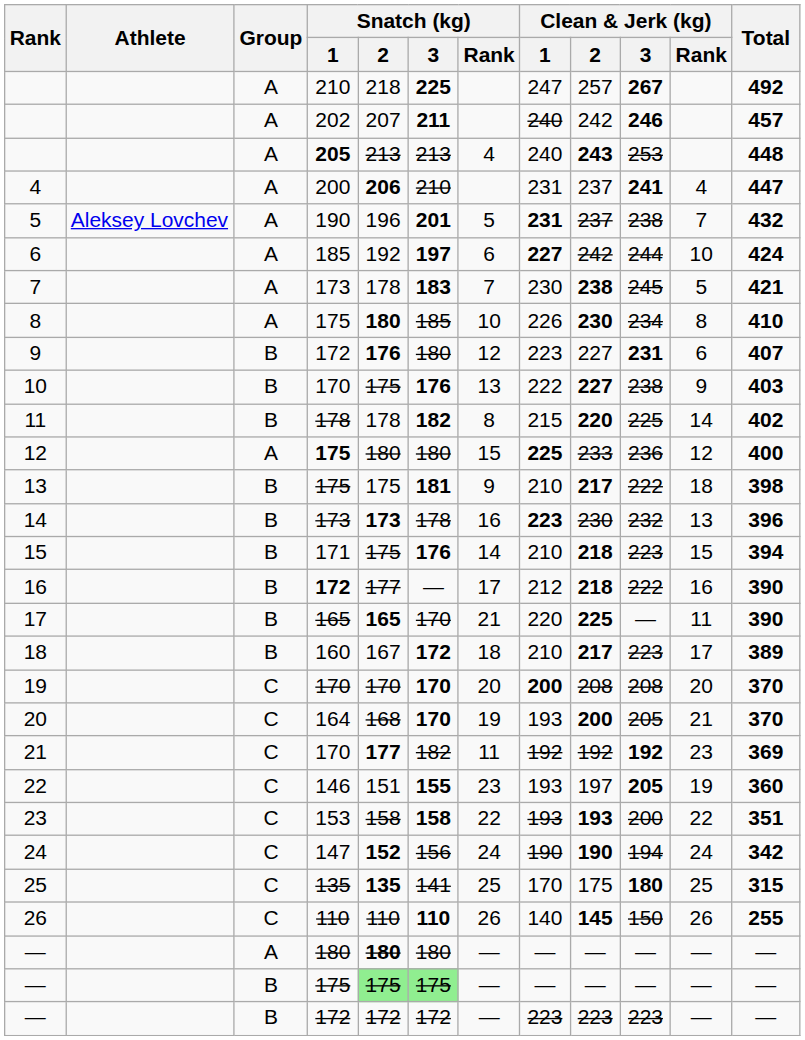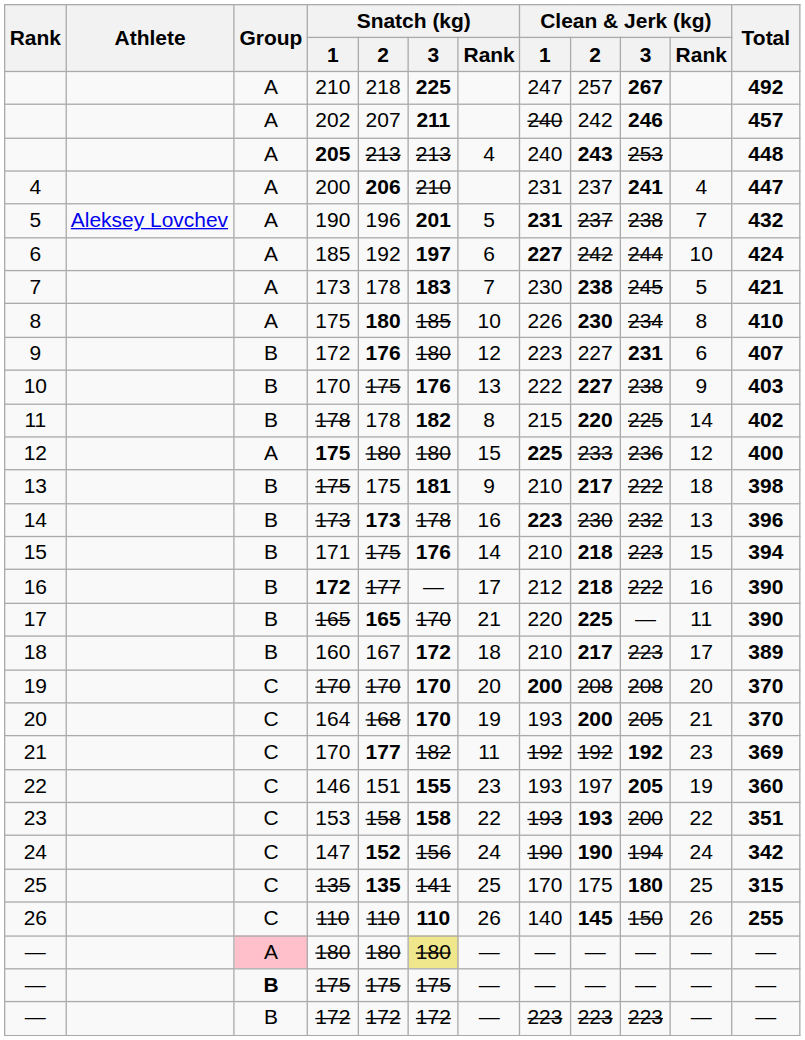 <table class = "wikitable" style="text-align:center;">
 <tr>
 <th rowspan=2 width=40>Rank</th>
 <th rowspan=2 width=250>Athlete</th>
 <th rowspan=2 width=50>Group</th>
 <th colspan=4>Snatch (kg)</th>
 <th colspan=4>Clean & Jerk (kg)</th>
 <th rowspan=2 width=60>Total</th>
 </tr>
 <tr>
 <th width=40>1</th>
 <th width=40>2</th>
 <th width=40>3</th>
 <th width=40>Rank</th>
 <th width=40>1</th>
 <th width=40>2</th>
 <th width=40>3</th>
 <th width=40>Rank</th>
 </tr>
 <tr>
 <td></td>
 <td align=left></td>
 <td>A</td>
 <td>210</td>
 <td>218</td>
 <td><strong>225</strong></td>
 <td></td>
 <td>247</td>
 <td>257</td>
 <td><strong>267</strong></td>
 <td></td>
 <td><strong>492</strong></td>
 </tr>
 <tr>
 <td></td>
 <td align=left></td>
 <td>A</td>
 <td>202</td>
 <td>207</td>
 <td><strong>211</strong></td>
 <td></td>
 <td><s>240</s></td>
 <td>242</td>
 <td><strong>246</strong></td>
 <td></td>
 <td><strong>457</strong></td>
 </tr>
 <tr>
 <td></td>
 <td align=left></td>
 <td>A</td>
 <td><strong>205</strong></td>
 <td><s>213</s></td>
 <td><s>213</s></td>
 <td>4</td>
 <td>240</td>
 <td><strong>243</strong></td>
 <td><s>253</s></td>
 <td></td>
 <td><strong>448</strong></td>
 </tr>
 <tr>
 <td>4</td>
 <td align=left></td>
 <td>A</td>
 <td>200</td>
 <td><strong>206</strong></td>
 <td><s>210</s></td>
 <td></td>
 <td>231</td>
 <td>237</td>
 <td><strong>241</strong></td>
 <td>4</td>
 <td><strong>447</strong></td>
 </tr>
 <tr>
 <td>5</td>
 <td align=left> <a href='#'>Aleksey Lovchev</a> </td>
 <td>A</td>
 <td>190</td>
 <td>196</td>
 <td><strong>201</strong></td>
 <td>5</td>
 <td><strong>231</strong></td>
 <td><s>237</s></td>
 <td><s>238</s></td>
 <td>7</td>
 <td><strong>432</strong></td>
 </tr>
 <tr>
 <td>6</td>
 <td align=left></td>
 <td>A</td>
 <td>185</td>
 <td>192</td>
 <td><strong>197</strong></td>
 <td>6</td>
 <td><strong>227</strong></td>
 <td><s>242</s></td>
 <td><s>244</s></td>
 <td>10</td>
 <td><strong>424</strong></td>
 </tr>
 <tr>
 <td>7</td>
 <td align=left></td>
 <td>A</td>
 <td>173</td>
 <td>178</td>
 <td><strong>183</strong></td>
 <td>7</td>
 <td>230</td>
 <td><strong>238 </strong></td>
 <td><s>245</s></td>
 <td>5</td>
 <td><strong>421</strong></td>
 </tr>
 <tr>
 <td>8</td>
 <td align=left></td>
 <td>A</td>
 <td>175</td>
 <td><strong>180</strong></td>
 <td><s>185</s></td>
 <td>10</td>
 <td>226</td>
 <td><strong>230</strong></td>
 <td><s>234</s></td>
 <td>8</td>
 <td><strong>410</strong></td>
 </tr>
 <tr>
 <td>9</td>
 <td align=left></td>
 <td>B</td>
 <td>172</td>
 <td><strong>176</strong></td>
 <td><s>180</s></td>
 <td>12</td>
 <td>223</td>
 <td>227</td>
 <td><strong>231</strong></td>
 <td>6</td>
 <td><strong>407</strong></td>
 </tr>
 <tr>
 <td>10</td>
 <td align=left></td>
 <td>B</td>
 <td>170</td>
 <td><s>175</s></td>
 <td><strong>176</strong></td>
 <td>13</td>
 <td>222</td>
 <td><strong>227</strong></td>
 <td><s>238</s></td>
 <td>9</td>
 <td><strong>403</strong></td>
 </tr>
 <tr>
 <td>11</td>
 <td align=left></td>
 <td>B</td>
 <td><s>178</s></td>
 <td>178</td>
 <td><strong>182</strong></td>
 <td>8</td>
 <td>215</td>
 <td><strong>220</strong></td>
 <td><s>225</s></td>
 <td>14</td>
 <td><strong>402</strong></td>
 </tr>
 <tr>
 <td>12</td>
 <td align=left></td>
 <td>A</td>
 <td><strong>175</strong></td>
 <td><s>180</s></td>
 <td><s>180</s></td>
 <td>15</td>
 <td><strong>225</strong></td>
 <td><s>233</s></td>
 <td><s>236</s></td>
 <td>12</td>
 <td><strong>400</strong></td>
 </tr>
 <tr>
 <td>13</td>
 <td align=left></td>
 <td>B</td>
 <td><s>175</s></td>
 <td>175</td>
 <td><strong>181</strong></td>
 <td>9</td>
 <td>210</td>
 <td><strong>217</strong></td>
 <td><s>222</s></td>
 <td>18</td>
 <td><strong>398</strong></td>
 </tr>
 <tr>
 <td>14</td>
 <td align=left></td>
 <td>B</td>
 <td><s>173</s></td>
 <td><strong>173</strong></td>
 <td><s>178</s></td>
 <td>16</td>
 <td><strong>223</strong></td>
 <td><s>230</s></td>
 <td><s>232</s></td>
 <td>13</td>
 <td><strong>396</strong></td>
 </tr>
 <tr>
 <td>15</td>
 <td align=left></td>
 <td>B</td>
 <td>171</td>
 <td><s>175</s></td>
 <td><strong>176</strong></td>
 <td>14</td>
 <td>210</td>
 <td><strong>218</strong></td>
 <td><s>223</s></td>
 <td>15</td>
 <td><strong>394</strong></td>
 </tr>
 <tr>
 <td>16</td>
 <td align=left></td>
 <td>B</td>
 <td><strong>172</strong></td>
 <td><s>177</s></td>
 <td>—</td>
 <td>17</td>
 <td>212</td>
 <td><strong>218</strong></td>
 <td><s>222</s></td>
 <td>16</td>
 <td><strong>390</strong></td>
 </tr>
 <tr>
 <td>17</td>
 <td align=left></td>
 <td>B</td>
 <td><s>165</s></td>
 <td><strong>165</strong></td>
 <td><s>170</s></td>
 <td>21</td>
 <td>220</td>
 <td><strong>225</strong></td>
 <td>—</td>
 <td>11</td>
 <td><strong>390</strong></td>
 </tr>
 <tr>
 <td>18</td>
 <td align=left></td>
 <td>B</td>
 <td>160</td>
 <td>167</td>
 <td><strong>172</strong></td>
 <td>18</td>
 <td>210</td>
 <td><strong>217</strong></td>
 <td><s>223</s></td>
 <td>17</td>
 <td><strong>389</strong></td>
 </tr>
 <tr>
 <td>19</td>
 <td align=left></td>
 <td>C</td>
 <td><s>170</s></td>
 <td><s>170</s></td>
 <td><strong>170</strong></td>
 <td>20</td>
 <td><strong>200</strong></td>
 <td><s>208</s></td>
 <td><s>208</s></td>
 <td>20</td>
 <td><strong>370</strong></td>
 </tr>
 <tr>
 <td>20</td>
 <td align=left></td>
 <td>C</td>
 <td>164</td>
 <td><s>168</s></td>
 <td><strong>170</strong></td>
 <td>19</td>
 <td>193</td>
 <td><strong>200</strong></td>
 <td><s>205</s></td>
 <td>21</td>
 <td><strong>370</strong></td>
 </tr>
 <tr>
 <td>21</td>
 <td align=left></td>
 <td>C</td>
 <td>170</td>
 <td><strong>177</strong></td>
 <td><s>182</s></td>
 <td>11</td>
 <td><s>192</s></td>
 <td><s>192</s></td>
 <td><strong>192</strong></td>
 <td>23</td>
 <td><strong>369</strong></td>
 </tr>
 <tr>
 <td>22</td>
 <td align=left></td>
 <td>C</td>
 <td>146</td>
 <td>151</td>
 <td><strong>155</strong></td>
 <td>23</td>
 <td>193</td>
 <td>197</td>
 <td><strong>205</strong></td>
 <td>19</td>
 <td><strong>360</strong></td>
 </tr>
 <tr>
 <td>23</td>
 <td align=left></td>
 <td>C</td>
 <td>153</td>
 <td><s>158</s></td>
 <td><strong>158</strong></td>
 <td>22</td>
 <td><s>193</s></td>
 <td><strong>193</strong></td>
 <td><s>200</s></td>
 <td>22</td>
 <td><strong>351</strong></td>
 </tr>
 <tr>
 <td>24</td>
 <td align=left></td>
 <td>C</td>
 <td>147</td>
 <td><strong>152</strong></td>
 <td><s>156</s></td>
 <td>24</td>
 <td><s>190</s></td>
 <td><strong>190</strong></td>
 <td><s>194</s></td>
 <td>24</td>
 <td><strong>342</strong></td>
 </tr>
 <tr>
 <td>25</td>
 <td align=left></td>
 <td>C</td>
 <td><s>135</s></td>
 <td><strong>135</strong></td>
 <td><s>141</s></td>
 <td>25</td>
 <td>170</td>
 <td>175</td>
 <td><strong>180</strong></td>
 <td>25</td>
 <td><strong>315</strong></td>
 </tr>
 <tr>
 <td>26</td>
 <td align=left></td>
 <td>C</td>
 <td><s>110</s></td>
 <td><s>110</s></td>
 <td><strong>110</strong></td>
 <td>26</td>
 <td>140</td>
 <td><strong>145</strong></td>
 <td><s>150</s></td>
 <td>26</td>
 <td><strong>255</strong></td>
 </tr>
 <tr>
 <td>—</td>
 <td align=left></td>
-<td>A</td>
+<td style="background: pink;">A</td>
 <td><s>180</s></td>
-<td><strong><s>180</s></strong></td>
 <td><s>180</s></td>
+<td style="background: khaki;"><s>180</s></td>
 <td>—</td>
 <td>—</td>
 <td>—</td>
 <td>—</td>
 <td>—</td>
 <td>—</td>
 </tr>
 <tr>
 <td>—</td>
 <td align=left></td>
-<td>B</td>
+<td><strong>B</strong></td>
 <td><s>175</s></td>
-<td style="background: lightgreen;"><s>175</s></td>
-<td style="background: lightgreen;"><s>175</s></td>
+<td><s>175</s></td>
+<td><s>175</s></td>
 <td>—</td>
 <td>—</td>
 <td>—</td>
 <td>—</td>
 <td>—</td>
 <td>—</td>
 </tr>
 <tr>
 <td>—</td>
 <td align=left></td>
 <td>B</td>
 <td><s>172</s></td>
 <td><s>172</s></td>
 <td><s>172</s></td>
 <td>—</td>
 <td><s>223</s></td>
 <td><s>223</s></td>
 <td><s>223</s></td>
 <td>—</td>
 <td>—</td>
 </tr>
 </table>
